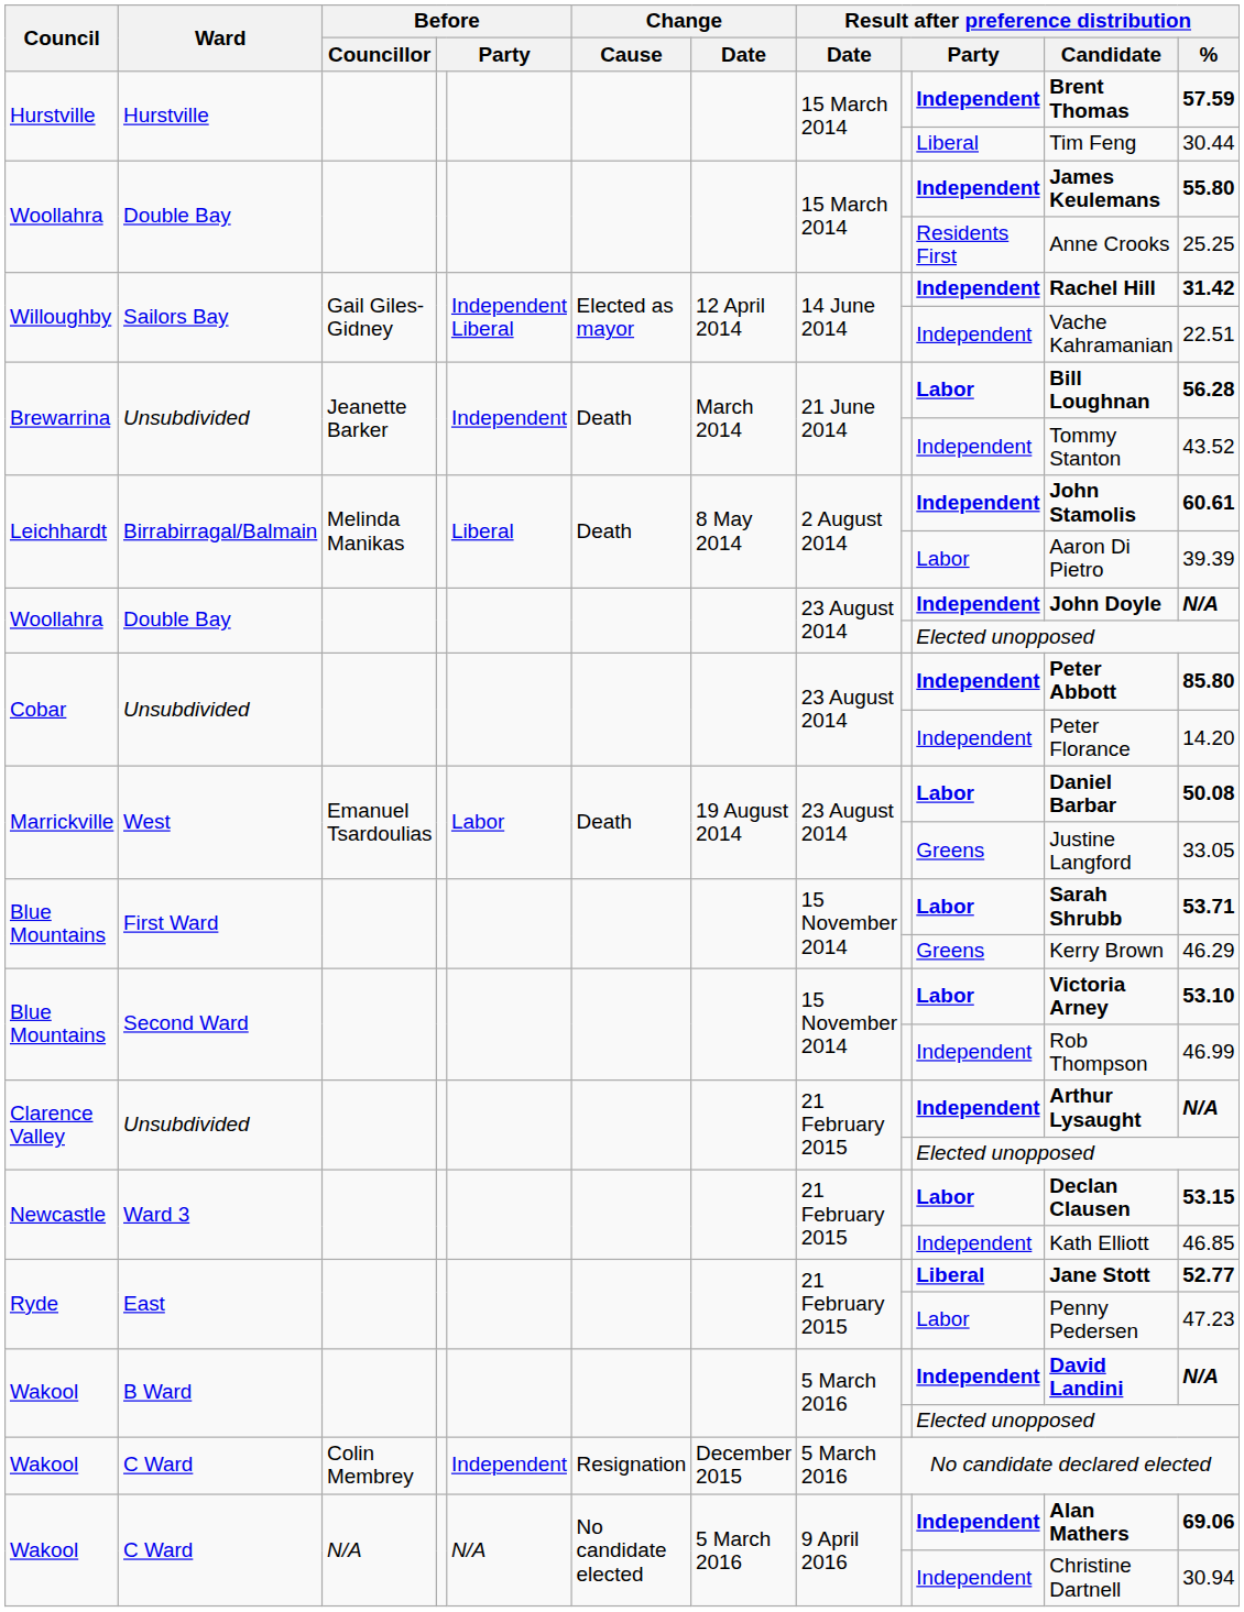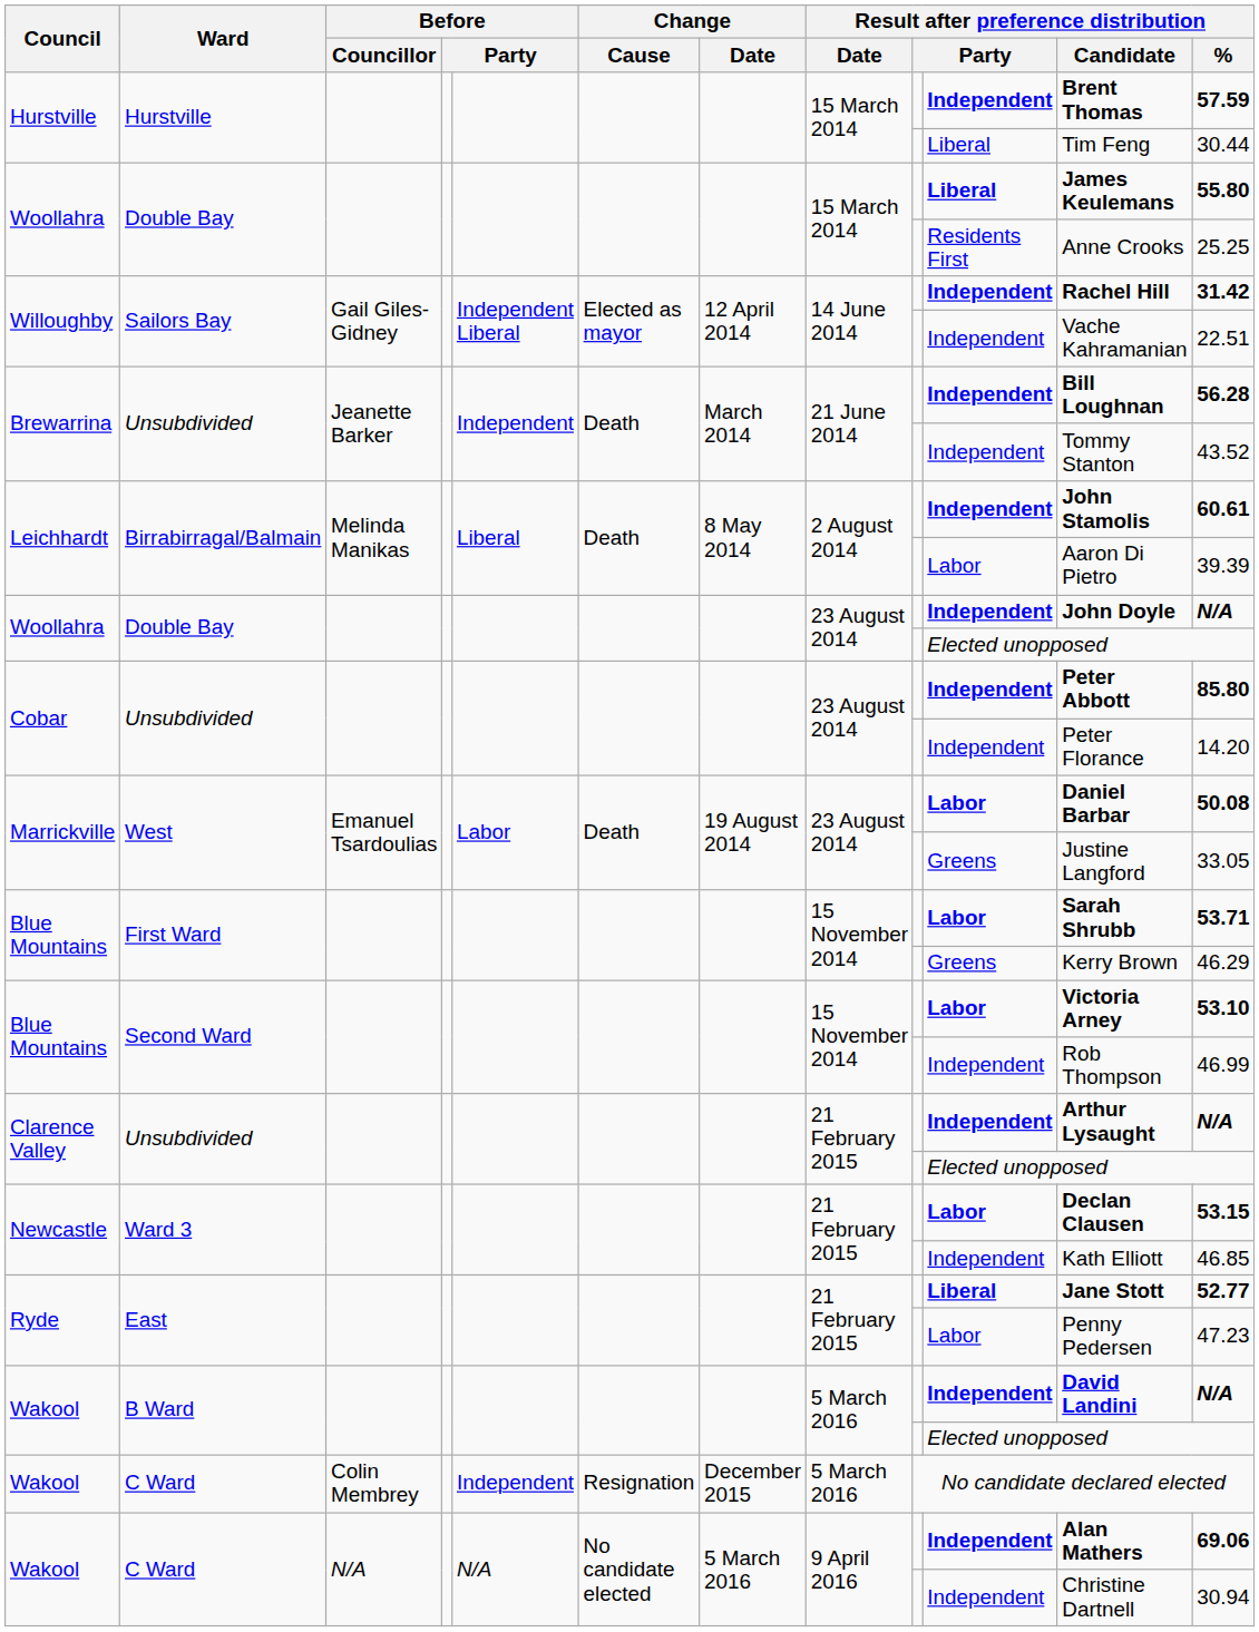 <table class="wikitable sortable" style="border: none;">
 <tr>
 <th rowspan="2">Council</th>
 <th rowspan="2">Ward</th>
 <th colspan="3">Before</th>
 <th colspan="2">Change</th>
 <th colspan="7">Result after <a href='#'>preference distribution</a></th>
 </tr>
 <tr>
 <th>Councillor</th>
 <th colspan="2">Party</th>
 <th>Cause</th>
 <th>Date</th>
 <th>Date</th>
 <th colspan="2">Party</th>
 <th>Candidate</th>
 <th>%</th>
 </tr>
 <tr>
 <td rowspan="2"><a href='#'>Hurstville</a></td>
 <td rowspan="2"><a href='#'>Hurstville</a></td>
 <td rowspan="2"></td>
 <td rowspan="2" ></td>
 <td rowspan="2"></td>
 <td rowspan="2"></td>
 <td rowspan="2"></td>
 <td rowspan="2">15 March 2014</td>
 <td></td>
 <td><strong><a href='#'>Independent</a></strong></td>
 <td><strong>Brent Thomas</strong></td>
 <td><strong>57.59</strong></td>
 </tr>
 <tr>
 <td></td>
 <td><a href='#'>Liberal</a></td>
 <td>Tim Feng</td>
 <td>30.44</td>
 </tr>
 <tr>
 <td rowspan="2"><a href='#'>Woollahra</a></td>
 <td rowspan="2"><a href='#'>Double Bay</a></td>
 <td rowspan="2"></td>
 <td rowspan="2" ></td>
 <td rowspan="2"></td>
 <td rowspan="2"></td>
 <td rowspan="2"></td>
 <td rowspan="2">15 March 2014</td>
 <td></td>
-<td><strong><a href='#'>Independent</a></strong></td>
+<td><strong><a href='#'>Liberal</a></strong></td>
 <td><strong>James Keulemans</strong></td>
 <td><strong>55.80</strong></td>
 </tr>
 <tr>
 <td></td>
 <td><a href='#'>Residents First</a></td>
 <td>Anne Crooks</td>
 <td>25.25</td>
 </tr>
 <tr>
 <td rowspan="2"><a href='#'>Willoughby</a></td>
 <td rowspan="2"><a href='#'>Sailors Bay</a></td>
 <td rowspan="2">Gail Giles-Gidney</td>
 <td rowspan="2" ></td>
 <td rowspan="2"><a href='#'>Independent Liberal</a></td>
 <td rowspan="2">Elected as <a href='#'>mayor</a></td>
 <td rowspan="2">12 April 2014</td>
 <td rowspan="2">14 June 2014</td>
 <td></td>
 <td><strong><a href='#'>Independent</a></strong></td>
 <td><strong>Rachel Hill</strong></td>
 <td><strong>31.42</strong></td>
 </tr>
 <tr>
 <td></td>
 <td><a href='#'>Independent</a></td>
 <td>Vache Kahramanian</td>
 <td>22.51</td>
 </tr>
 <tr>
 <td rowspan="2"><a href='#'>Brewarrina</a></td>
 <td rowspan="2"><em>Unsubdivided</em></td>
 <td rowspan="2">Jeanette Barker</td>
 <td rowspan="2" ></td>
 <td rowspan="2"><a href='#'>Independent</a></td>
 <td rowspan="2">Death</td>
 <td rowspan="2">March 2014</td>
 <td rowspan="2">21 June 2014</td>
 <td></td>
-<td><strong><a href='#'>Labor</a> </strong></td>
+<td><strong><a href='#'>Independent</a></strong></td>
 <td><strong>Bill Loughnan</strong></td>
 <td><strong>56.28</strong></td>
 </tr>
 <tr>
 <td></td>
 <td><a href='#'>Independent</a></td>
 <td>Tommy Stanton</td>
 <td>43.52</td>
 </tr>
 <tr>
 <td rowspan="2"><a href='#'>Leichhardt</a></td>
 <td rowspan="2"><a href='#'>Birrabirragal/Balmain</a></td>
 <td rowspan="2">Melinda Manikas</td>
 <td rowspan="2" ></td>
 <td rowspan="2"><a href='#'>Liberal</a></td>
 <td rowspan="2">Death</td>
 <td rowspan="2">8 May 2014</td>
 <td rowspan="2">2 August 2014</td>
 <td></td>
 <td><strong><a href='#'>Independent</a></strong></td>
 <td><strong>John Stamolis</strong></td>
 <td><strong>60.61</strong></td>
 </tr>
 <tr>
 <td></td>
 <td><a href='#'>Labor</a></td>
 <td>Aaron Di Pietro</td>
 <td>39.39</td>
 </tr>
 <tr>
 <td rowspan="2"><a href='#'>Woollahra</a></td>
 <td rowspan="2"><a href='#'>Double Bay</a></td>
 <td rowspan="2"></td>
 <td rowspan="2" ></td>
 <td rowspan="2"></td>
 <td rowspan="2"></td>
 <td rowspan="2"></td>
 <td rowspan="2">23 August 2014</td>
 <td></td>
 <td><strong><a href='#'>Independent</a></strong></td>
 <td><strong>John Doyle</strong></td>
 <td><strong><em>N/A</em></strong></td>
 </tr>
 <tr>
 <td></td>
 <td colspan="3"><em>Elected unopposed</em></td>
 </tr>
 <tr>
 <td rowspan="2"><a href='#'>Cobar</a></td>
 <td rowspan="2"><em>Unsubdivided</em></td>
 <td rowspan="2"></td>
 <td rowspan="2" ></td>
 <td rowspan="2"></td>
 <td rowspan="2"></td>
 <td rowspan="2"></td>
 <td rowspan="2">23 August 2014</td>
 <td></td>
 <td><strong><a href='#'>Independent</a></strong></td>
 <td><strong>Peter Abbott</strong></td>
 <td><strong>85.80</strong></td>
 </tr>
 <tr>
 <td></td>
 <td><a href='#'>Independent</a></td>
 <td>Peter Florance</td>
 <td>14.20</td>
 </tr>
 <tr>
 <td rowspan="2"><a href='#'>Marrickville</a></td>
 <td rowspan="2"><a href='#'>West</a></td>
 <td rowspan="2">Emanuel Tsardoulias</td>
 <td rowspan="2" ></td>
 <td rowspan="2"><a href='#'>Labor</a></td>
 <td rowspan="2">Death</td>
 <td rowspan="2">19 August 2014</td>
 <td rowspan="2">23 August 2014</td>
 <td></td>
 <td><strong><a href='#'>Labor</a></strong></td>
 <td><strong>Daniel Barbar</strong></td>
 <td><strong>50.08</strong></td>
 </tr>
 <tr>
 <td></td>
 <td><a href='#'>Greens</a></td>
 <td>Justine Langford</td>
 <td>33.05</td>
 </tr>
 <tr>
 <td rowspan="2"><a href='#'>Blue Mountains</a></td>
 <td rowspan="2"><a href='#'>First Ward</a></td>
 <td rowspan="2"></td>
 <td rowspan="2" ></td>
 <td rowspan="2"></td>
 <td rowspan="2"></td>
 <td rowspan="2"></td>
 <td rowspan="2">15 November 2014</td>
 <td></td>
 <td><strong><a href='#'>Labor</a></strong></td>
 <td><strong>Sarah Shrubb</strong></td>
 <td><strong>53.71</strong></td>
 </tr>
 <tr>
 <td></td>
 <td><a href='#'>Greens</a></td>
 <td>Kerry Brown</td>
 <td>46.29</td>
 </tr>
 <tr>
 <td rowspan="2"><a href='#'>Blue Mountains</a></td>
 <td rowspan="2"><a href='#'>Second Ward</a></td>
 <td rowspan="2"></td>
 <td rowspan="2" ></td>
 <td rowspan="2"></td>
 <td rowspan="2"></td>
 <td rowspan="2"></td>
 <td rowspan="2">15 November 2014</td>
 <td></td>
 <td><strong><a href='#'>Labor</a></strong></td>
 <td><strong>Victoria Arney</strong></td>
 <td><strong>53.10</strong></td>
 </tr>
 <tr>
 <td></td>
 <td><a href='#'>Independent</a></td>
 <td>Rob Thompson</td>
 <td>46.99</td>
 </tr>
 <tr>
 <td rowspan="2"><a href='#'>Clarence Valley</a></td>
 <td rowspan="2"><em>Unsubdivided</em></td>
 <td rowspan="2"></td>
 <td rowspan="2" ></td>
 <td rowspan="2"></td>
 <td rowspan="2"></td>
 <td rowspan="2"></td>
 <td rowspan="2">21 February 2015</td>
 <td></td>
 <td><strong><a href='#'>Independent</a></strong></td>
 <td><strong>Arthur Lysaught</strong></td>
 <td><strong><em>N/A</em></strong></td>
 </tr>
 <tr>
 <td></td>
 <td colspan="3"><em>Elected unopposed</em></td>
 </tr>
 <tr>
 <td rowspan="2"><a href='#'>Newcastle</a></td>
 <td rowspan="2"><a href='#'>Ward 3</a></td>
 <td rowspan="2"></td>
 <td rowspan="2" ></td>
 <td rowspan="2"></td>
 <td rowspan="2"></td>
 <td rowspan="2"></td>
 <td rowspan="2">21 February 2015</td>
 <td></td>
 <td><strong><a href='#'>Labor</a></strong></td>
 <td><strong>Declan Clausen</strong></td>
 <td><strong>53.15</strong></td>
 </tr>
 <tr>
 <td></td>
 <td><a href='#'>Independent</a></td>
 <td>Kath Elliott</td>
 <td>46.85</td>
 </tr>
 <tr>
 <td rowspan="2"><a href='#'>Ryde</a></td>
 <td rowspan="2"><a href='#'>East</a></td>
 <td rowspan="2"></td>
 <td rowspan="2" ></td>
 <td rowspan="2"></td>
 <td rowspan="2"></td>
 <td rowspan="2"></td>
 <td rowspan="2">21 February 2015</td>
 <td></td>
 <td><strong><a href='#'>Liberal</a></strong></td>
 <td><strong>Jane Stott</strong></td>
 <td><strong>52.77</strong></td>
 </tr>
 <tr>
 <td></td>
 <td><a href='#'>Labor</a></td>
 <td>Penny Pedersen</td>
 <td>47.23</td>
 </tr>
 <tr>
 <td rowspan="2"><a href='#'>Wakool</a></td>
 <td rowspan="2"><a href='#'>B Ward</a></td>
 <td rowspan="2"></td>
 <td rowspan="2" ></td>
 <td rowspan="2"></td>
 <td rowspan="2"></td>
 <td rowspan="2"></td>
 <td rowspan="2">5 March 2016</td>
 <td></td>
 <td><strong><a href='#'>Independent</a></strong></td>
 <td><strong><a href='#'>David Landini</a></strong></td>
 <td><strong><em>N/A</em></strong></td>
 </tr>
 <tr>
 <td></td>
 <td colspan="3"><em>Elected unopposed</em></td>
 </tr>
 <tr>
 <td><a href='#'>Wakool</a></td>
 <td><a href='#'>C Ward</a></td>
 <td>Colin Membrey</td>
 <td></td>
 <td><a href='#'>Independent</a></td>
 <td>Resignation</td>
 <td>December 2015</td>
 <td>5 March 2016</td>
 <td colspan="4" align=center><em>No candidate declared elected</em></td>
 </tr>
 <tr>
 <td rowspan="2"><a href='#'>Wakool</a></td>
 <td rowspan="2"><a href='#'>C Ward</a></td>
 <td rowspan="2"><em>N/A</em></td>
 <td rowspan="2" ></td>
 <td rowspan="2"><em>N/A</em></td>
 <td rowspan="2">No candidate elected</td>
 <td rowspan="2">5 March 2016</td>
 <td rowspan="2">9 April 2016</td>
 <td></td>
 <td><strong><a href='#'>Independent</a></strong></td>
 <td><strong>Alan Mathers</strong></td>
 <td><strong>69.06</strong></td>
 </tr>
 <tr>
 <td></td>
 <td><a href='#'>Independent</a></td>
 <td>Christine Dartnell</td>
 <td>30.94</td>
 </tr>
 </table>
